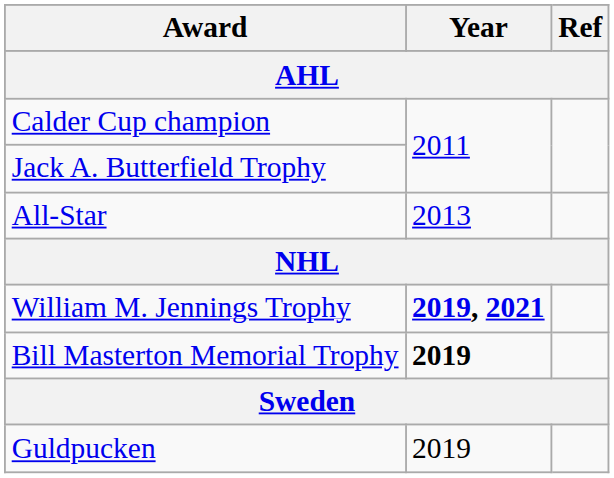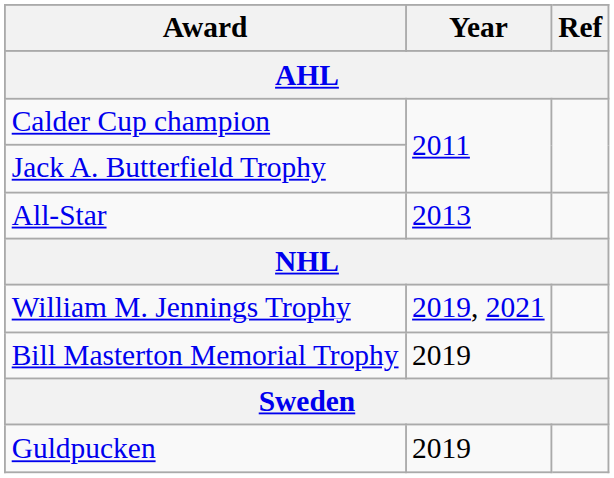 <table class="wikitable">
 <tr>
 <th>Award</th>
 <th>Year</th>
 <th>Ref</th>
 </tr>
 <tr>
 <th colspan="3"><a href='#'>AHL</a></th>
 </tr>
 <tr>
 <td><a href='#'>Calder Cup champion</a></td>
 <td rowspan="2"><a href='#'>2011</a></td>
 <td rowspan="2"></td>
 </tr>
 <tr>
 <td><a href='#'>Jack A. Butterfield Trophy</a></td>
 </tr>
 <tr>
 <td><a href='#'>All-Star</a></td>
 <td><a href='#'>2013</a></td>
 <td></td>
 </tr>
 <tr>
 <th colspan="3"><a href='#'>NHL</a></th>
 </tr>
 <tr>
 <td><a href='#'>William M. Jennings Trophy</a></td>
-<td><strong><a href='#'>2019</a>, <a href='#'>2021</a></strong></td>
+<td><a href='#'>2019</a>, <a href='#'>2021</a></td>
 <td></td>
 </tr>
 <tr>
 <td><a href='#'>Bill Masterton Memorial Trophy</a></td>
-<td><strong>2019</strong></td>
+<td>2019</td>
 <td></td>
 </tr>
 <tr>
 <th colspan="3"><a href='#'>Sweden</a></th>
 </tr>
 <tr>
 <td><a href='#'>Guldpucken</a></td>
 <td>2019</td>
 <td></td>
 </tr>
 </table>
